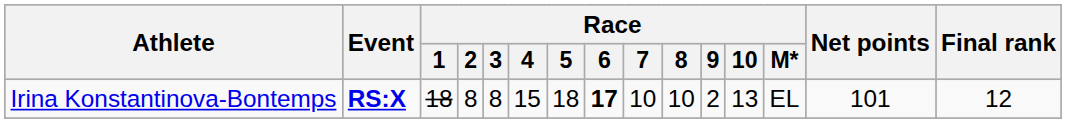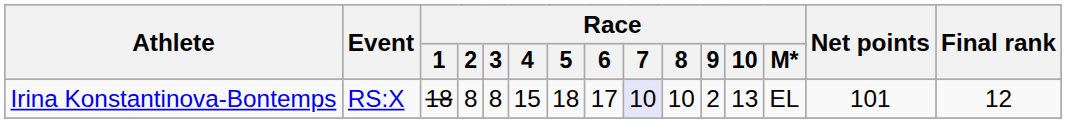 <table class="wikitable" style="font-size:90%">
 <tr>
 <th rowspan="2">Athlete</th>
 <th rowspan="2">Event</th>
 <th colspan=11>Race</th>
 <th rowspan=2>Net points</th>
 <th rowspan=2>Final rank</th>
 </tr>
 <tr style="font-size:95%">
 <th>1</th>
 <th>2</th>
 <th>3</th>
 <th>4</th>
 <th>5</th>
 <th>6</th>
 <th>7</th>
 <th>8</th>
 <th>9</th>
 <th>10</th>
 <th>M*</th>
 </tr>
 <tr align=center>
 <td align=left><a href='#'>Irina Konstantinova-Bontemps</a></td>
-<td align=left><strong><a href='#'>RS:X</a></strong></td>
+<td align=left><a href='#'>RS:X</a></td>
 <td><s>18</s></td>
 <td>8</td>
 <td>8</td>
 <td>15</td>
 <td>18</td>
-<td><strong>17</strong></td>
-<td>10</td>
+<td>17</td>
+<td style="background: lavender;">10</td>
 <td>10</td>
 <td>2</td>
 <td>13</td>
 <td>EL</td>
 <td>101</td>
 <td>12</td>
 </tr>
 </table>
